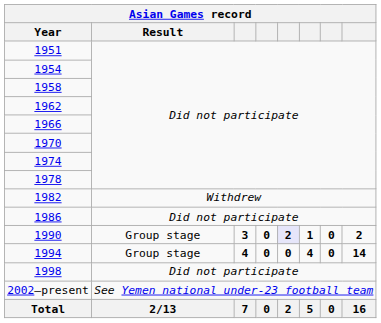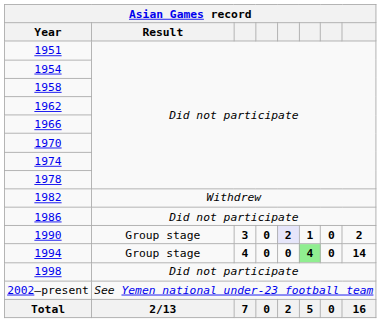 <table class="wikitable" style="text-align: center;">
 <tr>
 <th colspan=9><a href='#'>Asian Games</a> record</th>
 </tr>
 <tr>
 <th>Year</th>
 <th>Result</th>
 <th></th>
 <th></th>
 <th></th>
 <th></th>
 <th></th>
 <th></th>
 </tr>
 <tr>
 <td> <a href='#'>1951</a></td>
 <td rowspan=8 colspan=8><em>Did not participate</em></td>
 </tr>
 <tr>
 <td> <a href='#'>1954</a></td>
 </tr>
 <tr>
 <td> <a href='#'>1958</a></td>
 </tr>
 <tr>
 <td> <a href='#'>1962</a></td>
 </tr>
 <tr>
 <td> <a href='#'>1966</a></td>
 </tr>
 <tr>
 <td> <a href='#'>1970</a></td>
 </tr>
 <tr>
 <td> <a href='#'>1974</a></td>
 </tr>
 <tr>
 <td> <a href='#'>1978</a></td>
 </tr>
 <tr>
 <td> <a href='#'>1982</a></td>
 <td colspan=8><em>Withdrew</em></td>
 </tr>
 <tr>
 <td> <a href='#'>1986</a></td>
 <td colspan=8><em>Did not participate</em></td>
 </tr>
 <tr>
 <td> <a href='#'>1990</a></td>
 <td>Group stage</td>
 <td><strong>3</strong></td>
 <td><strong>0</strong></td>
 <td style="background: lavender;"><strong>2</strong></td>
 <td><strong>1</strong></td>
 <td><strong>0</strong></td>
 <td><strong>2</strong></td>
 </tr>
 <tr>
 <td> <a href='#'>1994</a></td>
 <td>Group stage</td>
 <td><strong>4</strong></td>
 <td><strong>0</strong></td>
 <td><strong>0</strong></td>
-<td><strong>4</strong></td>
+<td style="background: lightgreen;"><strong>4</strong></td>
 <td><strong>0</strong></td>
 <td><strong>14</strong></td>
 </tr>
 <tr>
 <td> <a href='#'>1998</a></td>
 <td colspan=8><em>Did not participate</em></td>
 </tr>
 <tr>
 <td><a href='#'>2002</a>–present</td>
 <td colspan=8><em>See <a href='#'>Yemen national under-23 football team</a></em></td>
 </tr>
 <tr>
 <th><strong>Total</strong></th>
 <th><strong>2/13</strong></th>
 <th><strong>7</strong></th>
 <th><strong>0</strong></th>
 <th><strong>2</strong></th>
 <th><strong>5</strong></th>
 <th><strong>0</strong></th>
 <th><strong>16</strong></th>
 </tr>
 </table>
